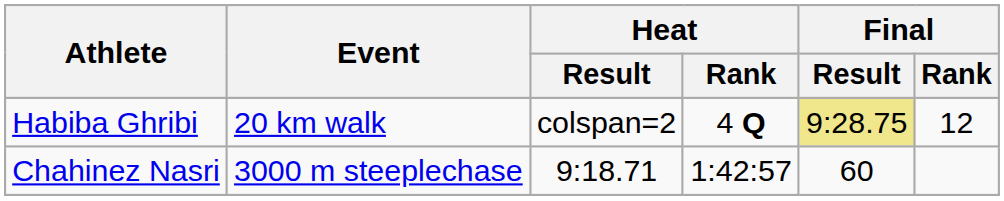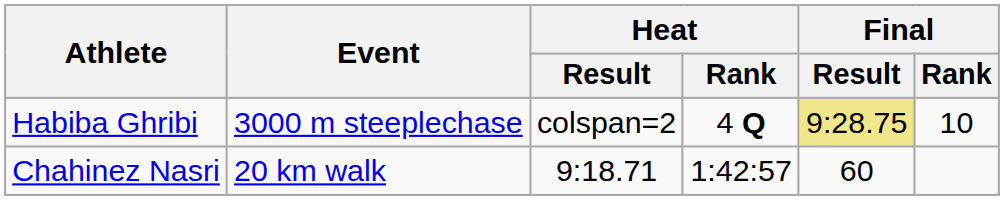 <table class="wikitable" style="font-size:90%">
 <tr>
 <th rowspan="2">Athlete</th>
 <th rowspan="2">Event</th>
 <th colspan="2">Heat</th>
 <th colspan="2">Final</th>
 </tr>
 <tr style="font-size:95%">
 <th>Result</th>
 <th>Rank</th>
 <th>Result</th>
 <th>Rank</th>
 </tr>
 <tr align=center>
 <td align=left><a href='#'>Habiba Ghribi</a></td>
-<td align=left><a href='#'>20 km walk</a></td>
+<td align=left><a href='#'>3000 m steeplechase</a></td>
 <td>colspan=2 </td>
 <td>4 <strong>Q</strong></td>
 <td style="background: khaki;">9:28.75</td>
-<td>12</td>
+<td>10</td>
 </tr>
 <tr align=center>
 <td align=left><a href='#'>Chahinez Nasri</a></td>
-<td align=left><a href='#'>3000 m steeplechase</a></td>
+<td align=left><a href='#'>20 km walk</a></td>
 <td>9:18.71</td>
 <td>1:42:57</td>
 <td>60</td>
 </tr>
 </table>
